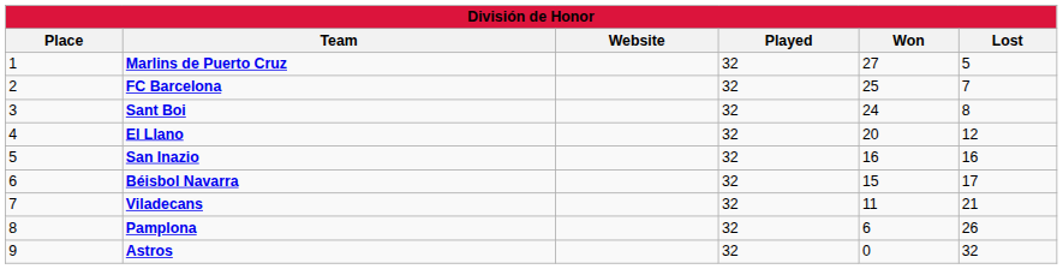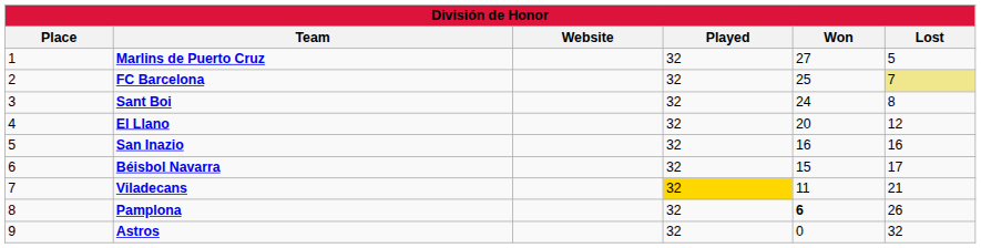 <table class="wikitable" style="width: 90%">
 <tr>
 <td bgcolor="#DC143C" align="center" colspan="11"><strong><span>División de Honor</span></strong></td>
 </tr>
 <tr>
 <th>Place</th>
 <th>Team</th>
 <th>Website</th>
 <th>Played</th>
 <th>Won</th>
 <th>Lost</th>
 </tr>
 <tr>
 <td>1</td>
 <td><strong><a href='#'>Marlins de Puerto Cruz</a></strong></td>
 <td></td>
 <td>32</td>
 <td>27</td>
 <td>5</td>
 </tr>
 <tr>
 <td>2</td>
 <td><strong><a href='#'>FC Barcelona</a></strong></td>
 <td></td>
 <td>32</td>
 <td>25</td>
-<td>7</td>
+<td style="background: khaki;">7</td>
 </tr>
 <tr>
 <td>3</td>
 <td><strong><a href='#'>Sant Boi</a></strong></td>
 <td></td>
 <td>32</td>
 <td>24</td>
 <td>8</td>
 </tr>
 <tr>
 <td>4</td>
 <td><strong><a href='#'>El Llano</a></strong></td>
 <td></td>
 <td>32</td>
 <td>20</td>
 <td>12</td>
 </tr>
 <tr>
 <td>5</td>
 <td><strong><a href='#'>San Inazio</a></strong></td>
 <td></td>
 <td>32</td>
 <td>16</td>
 <td>16</td>
 </tr>
 <tr>
 <td>6</td>
 <td><strong><a href='#'>Béisbol Navarra</a></strong></td>
 <td></td>
 <td>32</td>
 <td>15</td>
 <td>17</td>
 </tr>
 <tr>
 <td>7</td>
 <td><strong><a href='#'>Viladecans</a></strong></td>
 <td> </td>
-<td>32</td>
+<td style="background: gold;">32</td>
 <td>11</td>
 <td>21</td>
 </tr>
 <tr>
 <td>8</td>
 <td><strong><a href='#'>Pamplona</a></strong></td>
 <td></td>
 <td>32</td>
-<td>6</td>
+<td><strong>6</strong></td>
 <td>26</td>
 </tr>
 <tr>
 <td>9</td>
 <td><strong><a href='#'>Astros</a></strong></td>
 <td></td>
 <td>32</td>
 <td>0</td>
 <td>32</td>
 </tr>
 </table>
